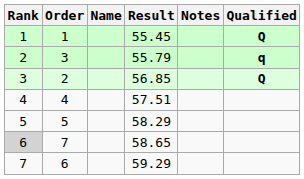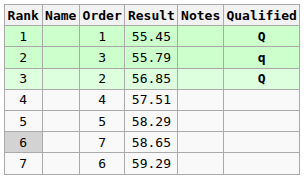 <table class="wikitable sortable" style="text-align:center">
 <tr>
 <th>Rank</th>
+<th>Name</th>
 <th>Order</th>
-<th>Name</th>
 <th>Result</th>
 <th>Notes</th>
 <th>Qualified</th>
 </tr>
 <tr style="background:#cfc;">
 <td>1</td>
+<td align="left"></td>
 <td>1</td>
-<td align="left"></td>
 <td>55.45</td>
 <td></td>
 <td><strong>Q</strong></td>
 </tr>
 <tr style="background:#cfc;">
 <td>2</td>
+<td align="left"></td>
 <td>3</td>
-<td align="left"></td>
 <td>55.79</td>
 <td></td>
 <td><strong>q</strong></td>
 </tr>
 <tr style="background:#dfd;">
 <td>3</td>
+<td align="left"></td>
 <td>2</td>
-<td align="left"></td>
 <td>56.85</td>
 <td></td>
 <td><strong>Q</strong></td>
 </tr>
 <tr>
 <td>4</td>
+<td align="left"></td>
 <td>4</td>
-<td align="left"></td>
 <td>57.51</td>
 <td></td>
 <td></td>
 </tr>
 <tr>
 <td>5</td>
+<td align="left"></td>
 <td>5</td>
-<td align="left"></td>
 <td>58.29</td>
 <td></td>
 <td></td>
 </tr>
 <tr>
 <td style="background: lightgrey;">6</td>
+<td align="left"></td>
 <td>7</td>
-<td align="left"></td>
 <td>58.65</td>
 <td></td>
 <td></td>
 </tr>
 <tr>
 <td>7</td>
+<td align="left"></td>
 <td>6</td>
-<td align="left"></td>
 <td>59.29</td>
 <td></td>
 <td></td>
 </tr>
 </table>
